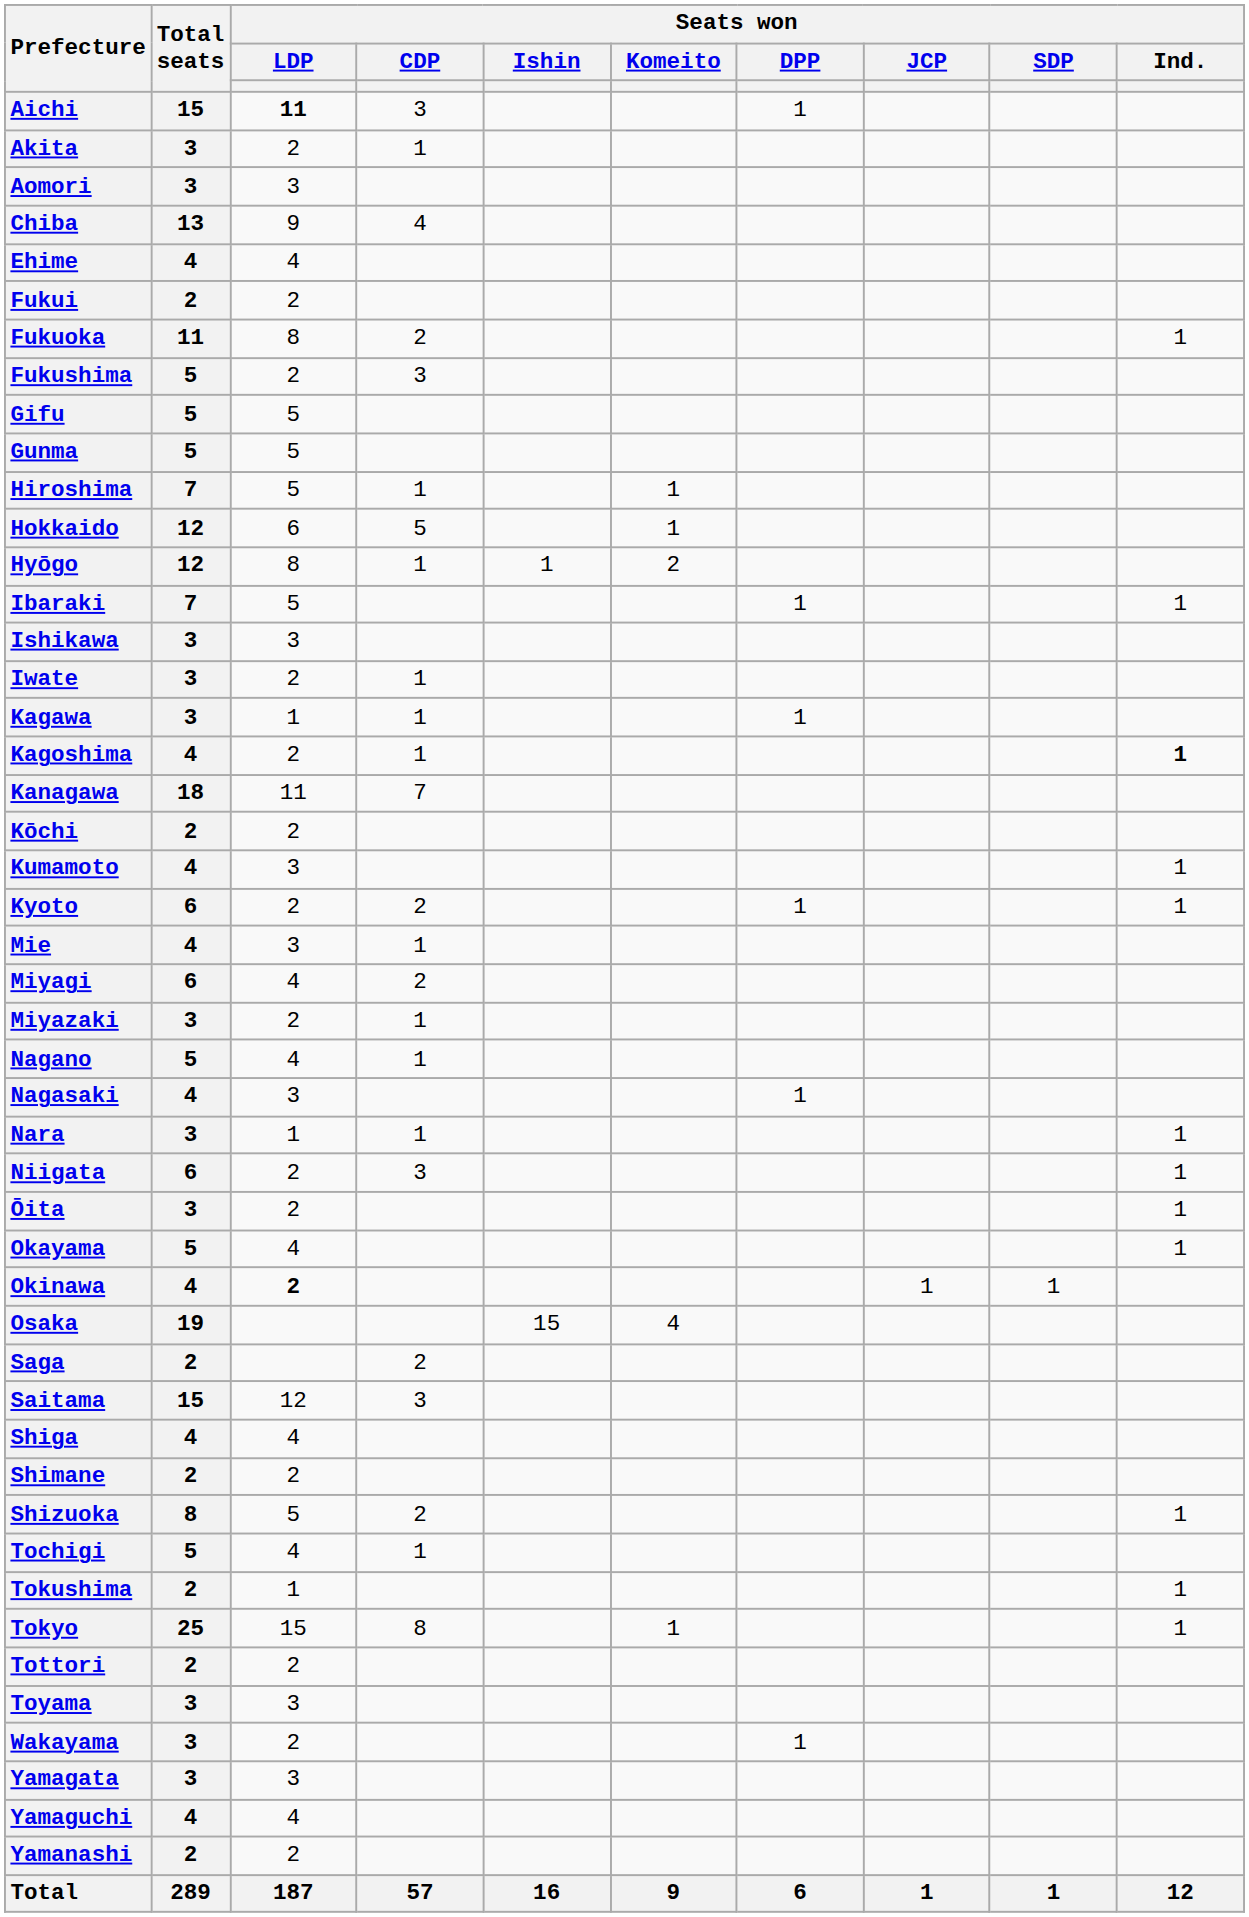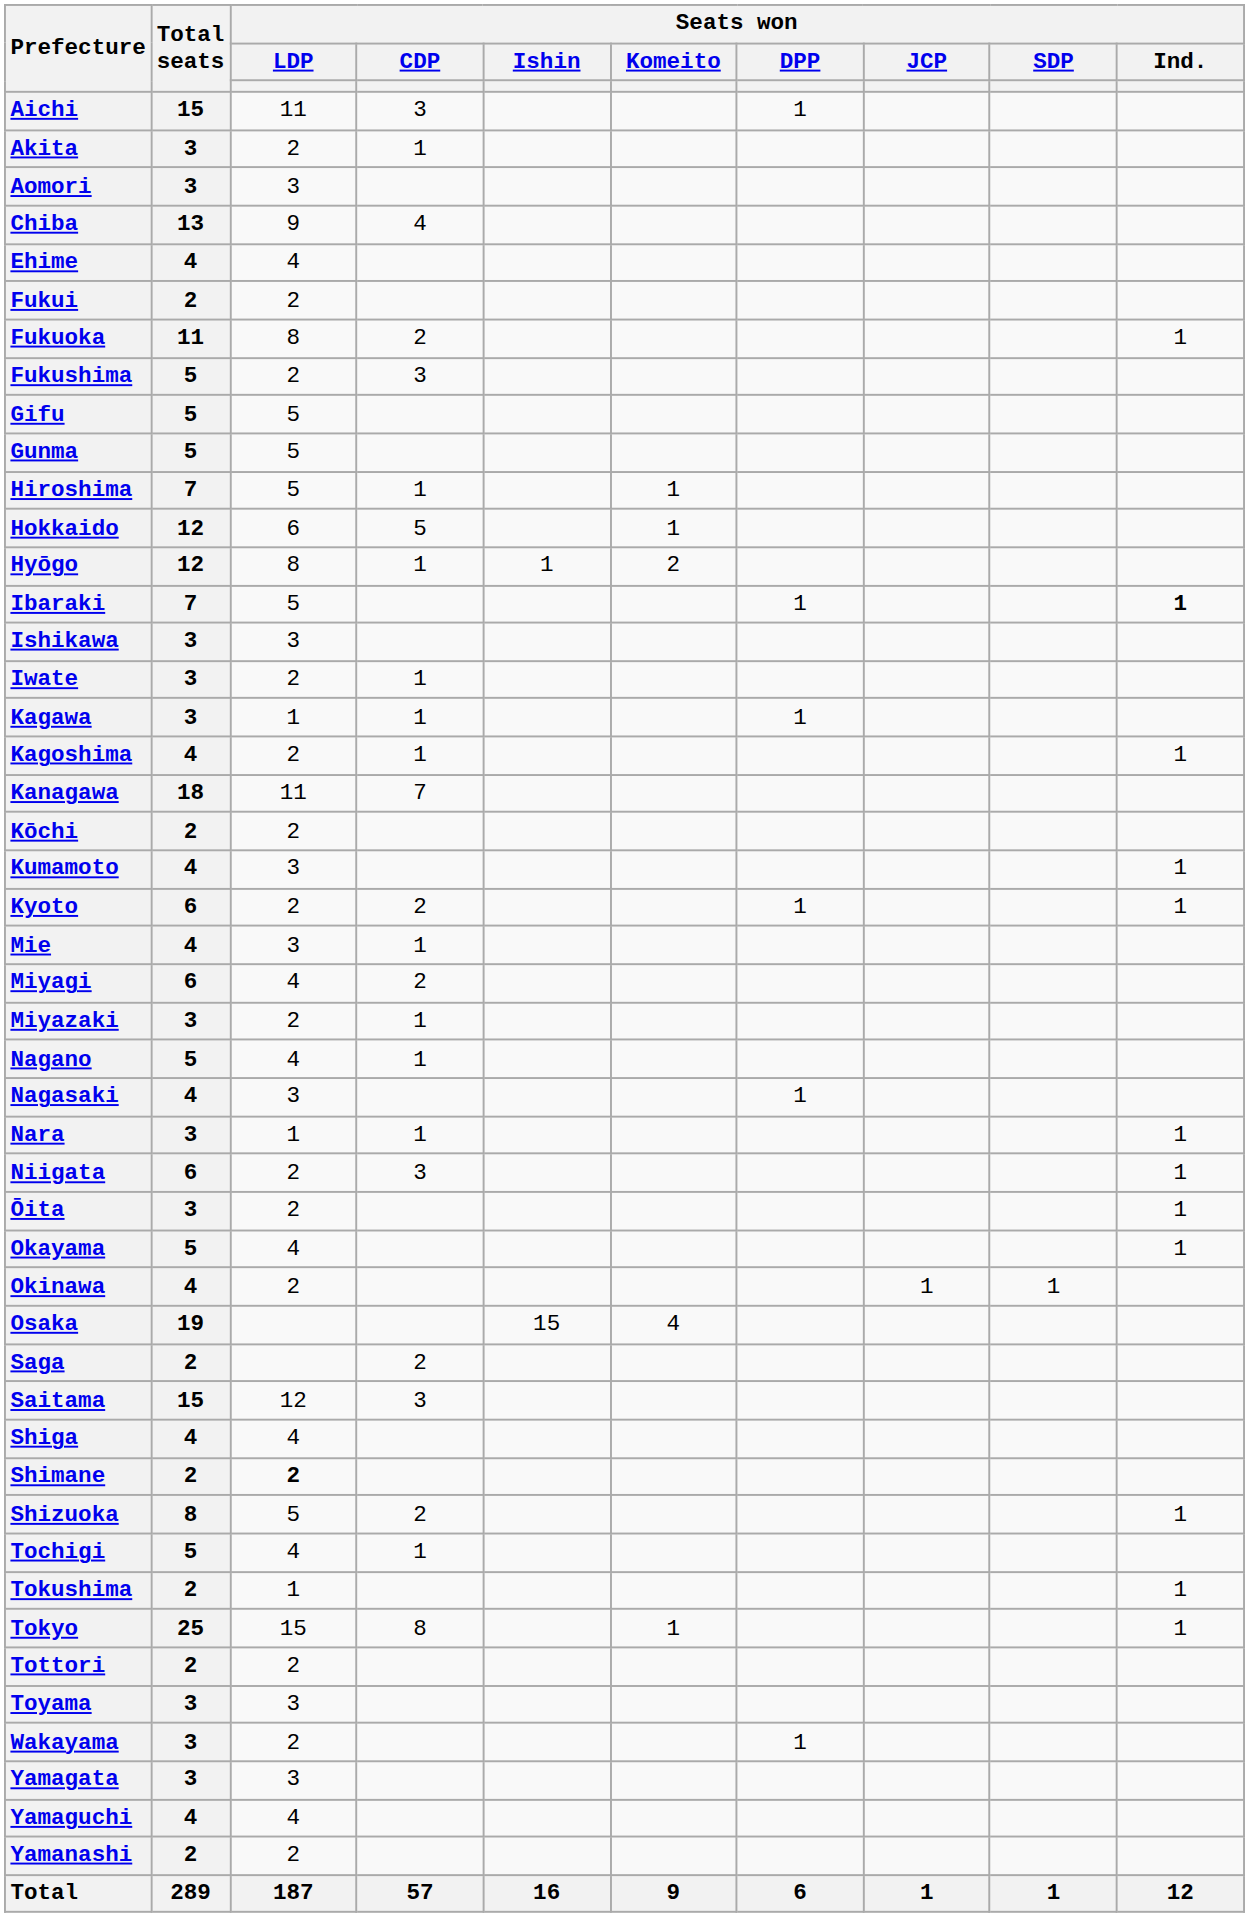 <table class="wikitable" style="text-align:center; font-size: 0.9em;">
 <tr>
 <th rowspan="3">Prefecture</th>
 <th rowspan="3">Total<br>seats</th>
 <th colspan="8">Seats won</th>
 </tr>
 <tr>
 <th class="unsortable" style="width:60px;"><a href='#'>LDP</a></th>
 <th class="unsortable" style="width:60px;"><a href='#'>CDP</a></th>
 <th class="unsortable" style="width:60px;"><a href='#'>Ishin</a></th>
 <th class="unsortable" style="width:60px;"><a href='#'>Komeito</a></th>
 <th class="unsortable" style="width:60px;"><a href='#'>DPP</a></th>
 <th class="unsortable" style="width:60px;"><a href='#'>JCP</a></th>
 <th class="unsortable" style="width:60px;"><a href='#'>SDP</a></th>
 <th class="unsortable" style="width:60px;">Ind.</th>
 </tr>
 <tr>
 <th style="background:"></th>
 <th style="background:"></th>
 <th style="background:"></th>
 <th style="background:"></th>
 <th style="background:"></th>
 <th style="background:"></th>
 <th style="background:"></th>
 <th style="background:"></th>
 </tr>
 <tr>
 <th style="text-align: left;"><a href='#'>Aichi</a></th>
 <th>15</th>
-<td><strong>11</strong></td>
+<td>11</td>
 <td>3</td>
 <td></td>
 <td></td>
 <td>1</td>
 <td></td>
 <td></td>
 <td></td>
 </tr>
 <tr>
 <th style="text-align: left;"><a href='#'>Akita</a></th>
 <th>3</th>
 <td>2</td>
 <td>1</td>
 <td></td>
 <td></td>
 <td></td>
 <td></td>
 <td></td>
 <td></td>
 </tr>
 <tr>
 <th style="text-align: left;"><a href='#'>Aomori</a></th>
 <th>3</th>
 <td>3</td>
 <td></td>
 <td></td>
 <td></td>
 <td></td>
 <td></td>
 <td></td>
 <td></td>
 </tr>
 <tr>
 <th style="text-align: left;"><a href='#'>Chiba</a></th>
 <th>13</th>
 <td>9</td>
 <td>4</td>
 <td></td>
 <td></td>
 <td></td>
 <td></td>
 <td></td>
 <td></td>
 </tr>
 <tr>
 <th style="text-align: left;"><a href='#'>Ehime</a></th>
 <th>4</th>
 <td>4</td>
 <td></td>
 <td></td>
 <td></td>
 <td></td>
 <td></td>
 <td></td>
 <td></td>
 </tr>
 <tr>
 <th style="text-align: left;"><a href='#'>Fukui</a></th>
 <th>2</th>
 <td>2</td>
 <td></td>
 <td></td>
 <td></td>
 <td></td>
 <td></td>
 <td></td>
 <td></td>
 </tr>
 <tr>
 <th style="text-align: left;"><a href='#'>Fukuoka</a></th>
 <th>11</th>
 <td>8</td>
 <td>2</td>
 <td></td>
 <td></td>
 <td></td>
 <td></td>
 <td></td>
 <td>1</td>
 </tr>
 <tr>
 <th style="text-align: left;"><a href='#'>Fukushima</a></th>
 <th>5</th>
 <td>2</td>
 <td>3</td>
 <td></td>
 <td></td>
 <td></td>
 <td></td>
 <td></td>
 <td></td>
 </tr>
 <tr>
 <th style="text-align: left;"><a href='#'>Gifu</a></th>
 <th>5</th>
 <td>5</td>
 <td></td>
 <td></td>
 <td></td>
 <td></td>
 <td></td>
 <td></td>
 <td></td>
 </tr>
 <tr>
 <th style="text-align: left;"><a href='#'>Gunma</a></th>
 <th>5</th>
 <td>5</td>
 <td></td>
 <td></td>
 <td></td>
 <td></td>
 <td></td>
 <td></td>
 <td></td>
 </tr>
 <tr>
 <th style="text-align: left;"><a href='#'>Hiroshima</a></th>
 <th>7</th>
 <td>5</td>
 <td>1</td>
 <td></td>
 <td>1</td>
 <td></td>
 <td></td>
 <td></td>
 <td></td>
 </tr>
 <tr>
 <th style="text-align: left;"><a href='#'>Hokkaido</a></th>
 <th>12</th>
 <td>6</td>
 <td>5</td>
 <td></td>
 <td>1</td>
 <td></td>
 <td></td>
 <td></td>
 <td></td>
 </tr>
 <tr>
 <th style="text-align: left;"><a href='#'>Hyōgo</a></th>
 <th>12</th>
 <td>8</td>
 <td>1</td>
 <td>1</td>
 <td>2</td>
 <td></td>
 <td></td>
 <td></td>
 <td></td>
 </tr>
 <tr>
 <th style="text-align: left;"><a href='#'>Ibaraki</a></th>
 <th>7</th>
 <td>5</td>
 <td></td>
 <td></td>
 <td></td>
 <td>1</td>
 <td></td>
 <td></td>
-<td>1</td>
+<td><strong>1</strong></td>
 </tr>
 <tr>
 <th style="text-align: left;"><a href='#'>Ishikawa</a></th>
 <th>3</th>
 <td>3</td>
 <td></td>
 <td></td>
 <td></td>
 <td></td>
 <td></td>
 <td></td>
 <td></td>
 </tr>
 <tr>
 <th style="text-align: left;"><a href='#'>Iwate</a></th>
 <th>3</th>
 <td>2</td>
 <td>1</td>
 <td></td>
 <td></td>
 <td></td>
 <td></td>
 <td></td>
 <td></td>
 </tr>
 <tr>
 <th style="text-align: left;"><a href='#'>Kagawa</a></th>
 <th>3</th>
 <td>1</td>
 <td>1</td>
 <td></td>
 <td></td>
 <td>1</td>
 <td></td>
 <td></td>
 <td></td>
 </tr>
 <tr>
 <th style="text-align: left;"><a href='#'>Kagoshima</a></th>
 <th>4</th>
 <td>2</td>
 <td>1</td>
 <td></td>
 <td></td>
 <td></td>
 <td></td>
 <td></td>
-<td><strong>1</strong></td>
+<td>1</td>
 </tr>
 <tr>
 <th style="text-align: left;"><a href='#'>Kanagawa</a></th>
 <th>18</th>
 <td>11</td>
 <td>7</td>
 <td></td>
 <td></td>
 <td></td>
 <td></td>
 <td></td>
 <td></td>
 </tr>
 <tr>
 <th style="text-align: left;"><a href='#'>Kōchi</a></th>
 <th>2</th>
 <td>2</td>
 <td></td>
 <td></td>
 <td></td>
 <td></td>
 <td></td>
 <td></td>
 <td></td>
 </tr>
 <tr>
 <th style="text-align: left;"><a href='#'>Kumamoto</a></th>
 <th>4</th>
 <td>3</td>
 <td></td>
 <td></td>
 <td></td>
 <td></td>
 <td></td>
 <td></td>
 <td>1</td>
 </tr>
 <tr>
 <th style="text-align: left;"><a href='#'>Kyoto</a></th>
 <th>6</th>
 <td>2</td>
 <td>2</td>
 <td></td>
 <td></td>
 <td>1</td>
 <td></td>
 <td></td>
 <td>1</td>
 </tr>
 <tr>
 <th style="text-align: left;"><a href='#'>Mie</a></th>
 <th>4</th>
 <td>3</td>
 <td>1</td>
 <td></td>
 <td></td>
 <td></td>
 <td></td>
 <td></td>
 <td></td>
 </tr>
 <tr>
 <th style="text-align: left;"><a href='#'>Miyagi</a></th>
 <th>6</th>
 <td>4</td>
 <td>2</td>
 <td></td>
 <td></td>
 <td></td>
 <td></td>
 <td></td>
 <td></td>
 </tr>
 <tr>
 <th style="text-align: left;"><a href='#'>Miyazaki</a></th>
 <th>3</th>
 <td>2</td>
 <td>1</td>
 <td></td>
 <td></td>
 <td></td>
 <td></td>
 <td></td>
 <td></td>
 </tr>
 <tr>
 <th style="text-align: left;"><a href='#'>Nagano</a></th>
 <th>5</th>
 <td>4</td>
 <td>1</td>
 <td></td>
 <td></td>
 <td></td>
 <td></td>
 <td></td>
 <td></td>
 </tr>
 <tr>
 <th style="text-align: left;"><a href='#'>Nagasaki</a></th>
 <th>4</th>
 <td>3</td>
 <td></td>
 <td></td>
 <td></td>
 <td>1</td>
 <td></td>
 <td></td>
 <td></td>
 </tr>
 <tr>
 <th style="text-align: left;"><a href='#'>Nara</a></th>
 <th>3</th>
 <td>1</td>
 <td>1</td>
 <td></td>
 <td></td>
 <td></td>
 <td></td>
 <td></td>
 <td>1</td>
 </tr>
 <tr>
 <th style="text-align: left;"><a href='#'>Niigata</a></th>
 <th>6</th>
 <td>2</td>
 <td>3</td>
 <td></td>
 <td></td>
 <td></td>
 <td></td>
 <td></td>
 <td>1</td>
 </tr>
 <tr>
 <th style="text-align: left;"><a href='#'>Ōita</a></th>
 <th>3</th>
 <td>2</td>
 <td></td>
 <td></td>
 <td></td>
 <td></td>
 <td></td>
 <td></td>
 <td>1</td>
 </tr>
 <tr>
 <th style="text-align: left;"><a href='#'>Okayama</a></th>
 <th>5</th>
 <td>4</td>
 <td></td>
 <td></td>
 <td></td>
 <td></td>
 <td></td>
 <td></td>
 <td>1</td>
 </tr>
 <tr>
 <th style="text-align: left;"><a href='#'>Okinawa</a></th>
 <th>4</th>
-<td><strong>2</strong></td>
+<td>2</td>
 <td></td>
 <td></td>
 <td></td>
 <td></td>
 <td>1</td>
 <td>1</td>
 <td></td>
 </tr>
 <tr>
 <th style="text-align: left;"><a href='#'>Osaka</a></th>
 <th>19</th>
 <td></td>
 <td></td>
 <td>15</td>
 <td>4</td>
 <td></td>
 <td></td>
 <td></td>
 <td></td>
 </tr>
 <tr>
 <th style="text-align: left;"><a href='#'>Saga</a></th>
 <th>2</th>
 <td></td>
 <td>2</td>
 <td></td>
 <td></td>
 <td></td>
 <td></td>
 <td></td>
 <td></td>
 </tr>
 <tr>
 <th style="text-align: left;"><a href='#'>Saitama</a></th>
 <th>15</th>
 <td>12</td>
 <td>3</td>
 <td></td>
 <td></td>
 <td></td>
 <td></td>
 <td></td>
 <td></td>
 </tr>
 <tr>
 <th style="text-align: left;"><a href='#'>Shiga</a></th>
 <th>4</th>
 <td>4</td>
 <td></td>
 <td></td>
 <td></td>
 <td></td>
 <td></td>
 <td></td>
 <td></td>
 </tr>
 <tr>
 <th style="text-align: left;"><a href='#'>Shimane</a></th>
 <th>2</th>
-<td>2</td>
+<td><strong>2</strong></td>
 <td></td>
 <td></td>
 <td></td>
 <td></td>
 <td></td>
 <td></td>
 <td></td>
 </tr>
 <tr>
 <th style="text-align: left;"><a href='#'>Shizuoka</a></th>
 <th>8</th>
 <td>5</td>
 <td>2</td>
 <td></td>
 <td></td>
 <td></td>
 <td></td>
 <td></td>
 <td>1</td>
 </tr>
 <tr>
 <th style="text-align: left;"><a href='#'>Tochigi</a></th>
 <th>5</th>
 <td>4</td>
 <td>1</td>
 <td></td>
 <td></td>
 <td></td>
 <td></td>
 <td></td>
 <td></td>
 </tr>
 <tr>
 <th style="text-align: left;"><a href='#'>Tokushima</a></th>
 <th>2</th>
 <td>1</td>
 <td></td>
 <td></td>
 <td></td>
 <td></td>
 <td></td>
 <td></td>
 <td>1</td>
 </tr>
 <tr>
 <th style="text-align: left;"><a href='#'>Tokyo</a></th>
 <th>25</th>
 <td>15</td>
 <td>8</td>
 <td></td>
 <td>1</td>
 <td></td>
 <td></td>
 <td></td>
 <td>1</td>
 </tr>
 <tr>
 <th style="text-align: left;"><a href='#'>Tottori</a></th>
 <th>2</th>
 <td>2</td>
 <td></td>
 <td></td>
 <td></td>
 <td></td>
 <td></td>
 <td></td>
 <td></td>
 </tr>
 <tr>
 <th style="text-align: left;"><a href='#'>Toyama</a></th>
 <th>3</th>
 <td>3</td>
 <td></td>
 <td></td>
 <td></td>
 <td></td>
 <td></td>
 <td></td>
 <td></td>
 </tr>
 <tr>
 <th style="text-align: left;"><a href='#'>Wakayama</a></th>
 <th>3</th>
 <td>2</td>
 <td></td>
 <td></td>
 <td></td>
 <td>1</td>
 <td></td>
 <td></td>
 <td></td>
 </tr>
 <tr>
 <th style="text-align: left;"><a href='#'>Yamagata</a></th>
 <th>3</th>
 <td>3</td>
 <td></td>
 <td></td>
 <td></td>
 <td></td>
 <td></td>
 <td></td>
 <td></td>
 </tr>
 <tr>
 <th style="text-align: left;"><a href='#'>Yamaguchi</a></th>
 <th>4</th>
 <td>4</td>
 <td></td>
 <td></td>
 <td></td>
 <td></td>
 <td></td>
 <td></td>
 <td></td>
 </tr>
 <tr>
 <th style="text-align: left;"><a href='#'>Yamanashi</a></th>
 <th>2</th>
 <td>2</td>
 <td></td>
 <td></td>
 <td></td>
 <td></td>
 <td></td>
 <td></td>
 <td></td>
 </tr>
 <tr class="sortbottom">
 <th style="text-align: left;">Total</th>
 <th>289</th>
 <th>187</th>
 <th>57</th>
 <th>16</th>
 <th>9</th>
 <th>6</th>
 <th>1</th>
 <th>1</th>
 <th>12</th>
 </tr>
 </table>
